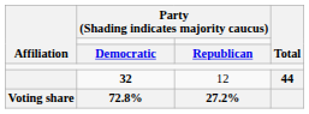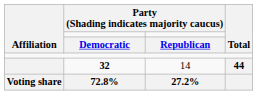 <table class=wikitable style="text-align:center">
 <tr style="vertical-align:bottom;">
 <th rowspan=3>Affiliation</th>
 <th colspan=2>Party <div>(Shading indicates majority caucus)</div></th>
 <th rowspan=3>Total</th>
 </tr>
 <tr style="height:5px">
 <td style="background-color:"></td>
 <td style="background-color:"></td>
 </tr>
 <tr>
 <th><a href='#'>Democratic</a></th>
 <th><a href='#'>Republican</a></th>
 </tr>
 <tr>
 <td colspan=5></td>
 </tr>
 <tr>
 <th nowrap style="font-size:80%"></th>
 <td><strong>32</strong></td>
-<td>12</td>
+<td>14</td>
 <th>44</th>
 </tr>
 <tr>
 <th>Voting share</th>
 <th>72.8%</th>
 <th>27.2% </th>
 <th colspan=2></th>
 </tr>
 </table>
